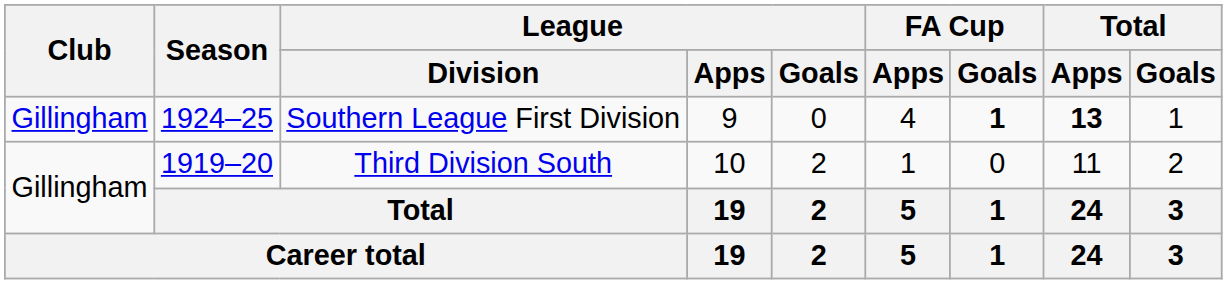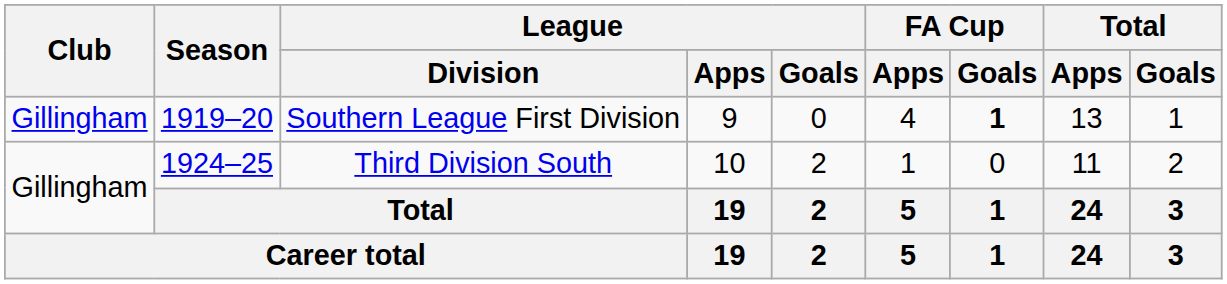 <table class="wikitable" style="text-align: center;">
 <tr>
 <th rowspan="2">Club</th>
 <th rowspan="2">Season</th>
 <th colspan="3">League</th>
 <th colspan="2">FA Cup</th>
 <th colspan="2">Total</th>
 </tr>
 <tr>
 <th>Division</th>
 <th>Apps</th>
 <th>Goals</th>
 <th>Apps</th>
 <th>Goals</th>
 <th>Apps</th>
 <th>Goals</th>
 </tr>
 <tr>
 <td><a href='#'>Gillingham</a></td>
-<td><a href='#'>1924–25</a></td>
+<td><a href='#'>1919–20</a></td>
 <td><a href='#'>Southern League</a> First Division</td>
 <td>9</td>
 <td>0</td>
 <td>4</td>
 <td><strong>1</strong></td>
-<td><strong>13</strong></td>
+<td>13</td>
 <td>1</td>
 </tr>
 <tr>
 <td rowspan="2">Gillingham</td>
-<td><a href='#'>1919–20</a></td>
+<td><a href='#'>1924–25</a></td>
 <td><a href='#'>Third Division South</a></td>
 <td>10</td>
 <td>2</td>
 <td>1</td>
 <td>0</td>
 <td>11</td>
 <td>2</td>
 </tr>
 <tr>
 <th colspan="2">Total</th>
 <th>19</th>
 <th>2</th>
 <th>5</th>
 <th>1</th>
 <th>24</th>
 <th>3</th>
 </tr>
 <tr>
 <th colspan="3">Career total</th>
 <th>19</th>
 <th>2</th>
 <th>5</th>
 <th>1</th>
 <th>24</th>
 <th>3</th>
 </tr>
 </table>
